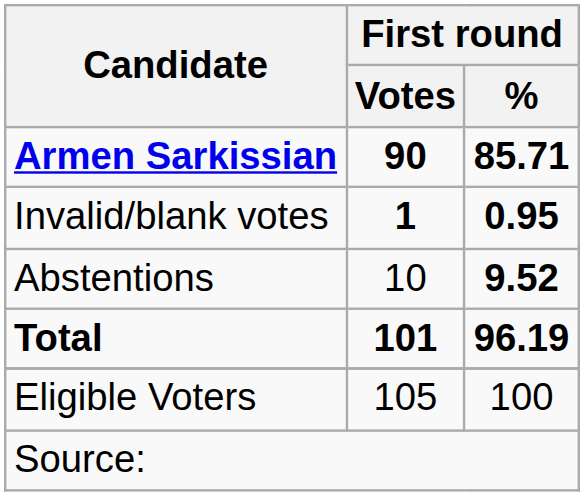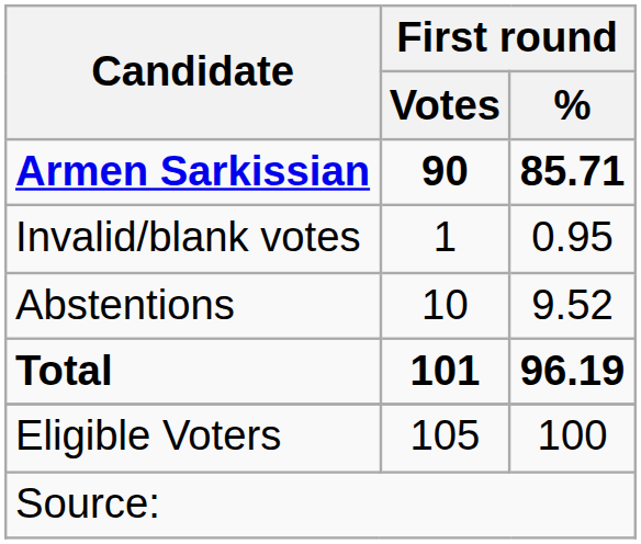 <table class="wikitable" style="text-align:center">
 <tr>
 <th rowspan="2">Candidate</th>
 <th colspan="2">First round</th>
 </tr>
 <tr>
 <th>Votes</th>
 <th>%</th>
 </tr>
 <tr>
 <td align="left"><strong><a href='#'>Armen Sarkissian</a></strong></td>
 <td><strong>90</strong></td>
 <td><strong>85.71</strong></td>
 </tr>
 <tr>
 <td align="left">Invalid/blank votes</td>
-<td><strong>1</strong></td>
-<td><strong>0.95</strong></td>
+<td>1</td>
+<td>0.95</td>
 </tr>
 <tr>
 <td align="left">Abstentions</td>
 <td>10</td>
-<td><strong>9.52</strong></td>
+<td>9.52</td>
 </tr>
 <tr>
 <td align="left"><strong>Total</strong></td>
 <td><strong>101</strong></td>
 <td><strong>96.19</strong></td>
 </tr>
 <tr>
 </tr>
 <tr>
 <td align="left">Eligible Voters</td>
 <td>105</td>
 <td>100</td>
 </tr>
 <tr>
 <td colspan="5" align="left">Source: </td>
 </tr>
 </table>
